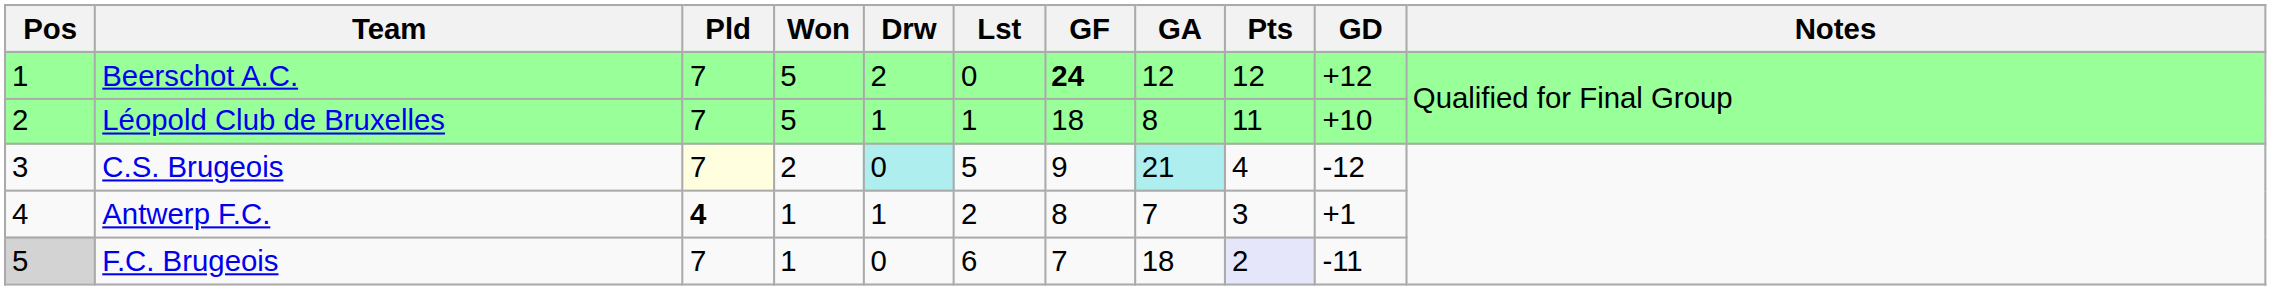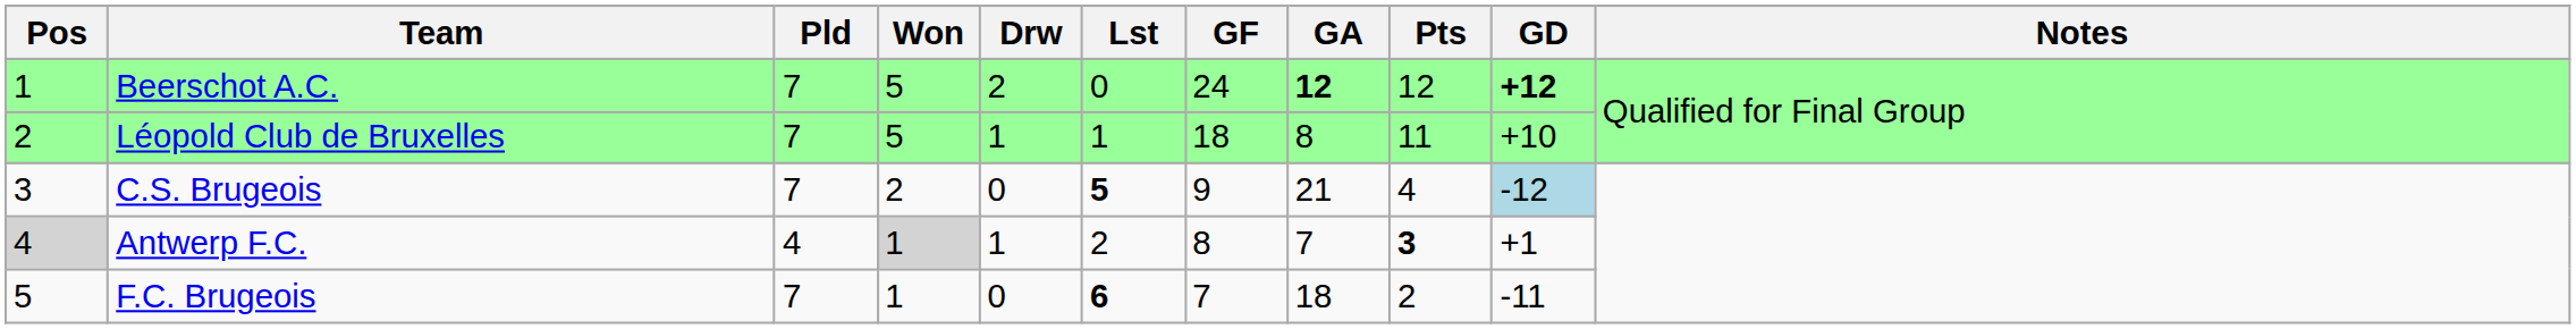 <table class="wikitable" width=70% style="font-size:90%">
 <tr>
 <th width=4%><strong>Pos</strong></th>
 <th width=26%><strong>Team</strong></th>
 <th width=4%><strong>Pld</strong></th>
 <th width=4%><strong>Won</strong></th>
 <th width=4%><strong>Drw</strong></th>
 <th width=4%><strong>Lst</strong></th>
 <th width=4%><strong>GF</strong></th>
 <th width=4%><strong>GA</strong></th>
 <th width=4%><strong>Pts</strong></th>
 <th width=4%><strong>GD</strong></th>
 <th width=38%><strong>Notes</strong></th>
 </tr>
 <tr bgcolor=#99ff99>
 <td>1</td>
 <td><a href='#'>Beerschot A.C.</a></td>
 <td>7</td>
 <td>5</td>
 <td>2</td>
 <td>0</td>
-<td><strong>24</strong></td>
+<td>24</td>
+<td><strong>12</strong></td>
 <td>12</td>
-<td>12</td>
-<td>+12</td>
+<td><strong>+12</strong></td>
 <td rowspan=2>Qualified for Final Group</td>
 </tr>
 <tr bgcolor=#99ff99>
 <td>2</td>
 <td><a href='#'>Léopold Club de Bruxelles</a></td>
 <td>7</td>
 <td>5</td>
 <td>1</td>
 <td>1</td>
 <td>18</td>
 <td>8</td>
 <td>11</td>
 <td>+10</td>
 </tr>
 <tr>
 <td>3</td>
 <td><a href='#'>C.S. Brugeois</a></td>
-<td style="background: lightyellow;">7</td>
+<td>7</td>
 <td>2</td>
-<td style="background: paleturquoise;">0</td>
-<td>5</td>
+<td>0</td>
+<td><strong>5</strong></td>
 <td>9</td>
-<td style="background: paleturquoise;">21</td>
+<td>21</td>
 <td>4</td>
-<td>-12</td>
+<td style="background: lightblue;">-12</td>
 </tr>
 <tr>
+<td style="background: lightgrey;">4</td>
+<td><a href='#'>Antwerp F.C.</a></td>
 <td>4</td>
-<td><a href='#'>Antwerp F.C.</a></td>
-<td><strong>4</strong></td>
-<td>1</td>
+<td style="background: lightgrey;">1</td>
 <td>1</td>
 <td>2</td>
 <td>8</td>
 <td>7</td>
-<td>3</td>
+<td><strong>3</strong></td>
 <td>+1</td>
 </tr>
 <tr>
-<td style="background: lightgrey;">5</td>
+<td>5</td>
 <td><a href='#'>F.C. Brugeois</a></td>
 <td>7</td>
 <td>1</td>
 <td>0</td>
-<td>6</td>
+<td><strong>6</strong></td>
 <td>7</td>
 <td>18</td>
-<td style="background: lavender;">2</td>
+<td>2</td>
 <td>-11</td>
 </tr>
 </table>
